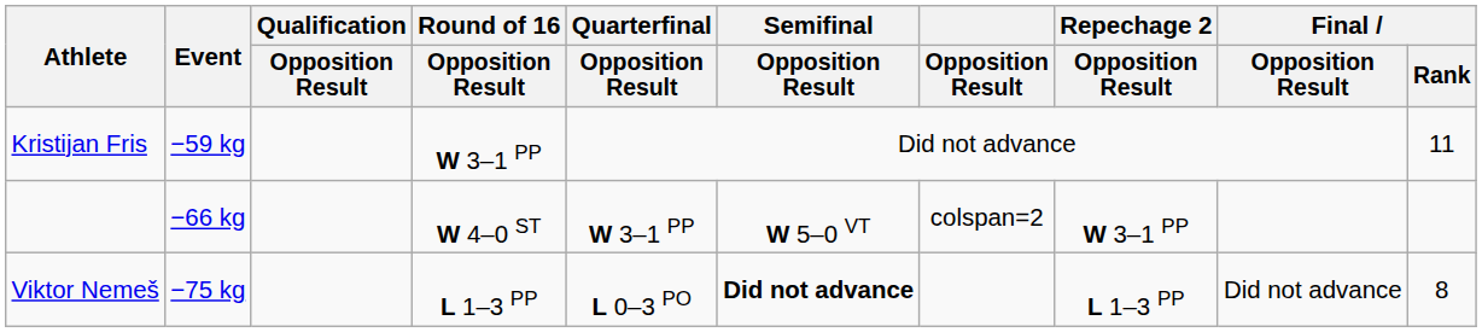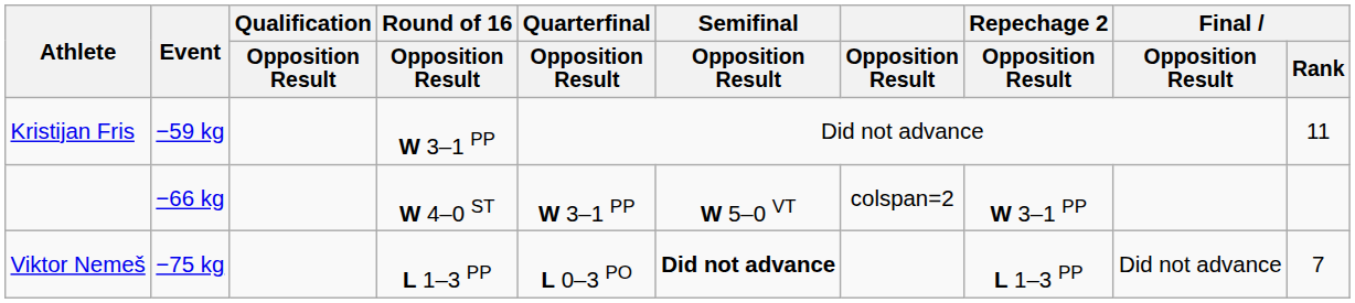 <table class="wikitable" style="font-size:90%">
 <tr>
 <th rowspan=2>Athlete</th>
 <th rowspan=2>Event</th>
 <th>Qualification</th>
 <th>Round of 16</th>
 <th>Quarterfinal</th>
 <th>Semifinal</th>
 <th></th>
 <th>Repechage 2</th>
 <th colspan=2>Final / </th>
 </tr>
 <tr style="font-size: 95%">
 <th>Opposition<br>Result</th>
 <th>Opposition<br>Result</th>
 <th>Opposition<br>Result</th>
 <th>Opposition<br>Result</th>
 <th>Opposition<br>Result</th>
 <th>Opposition<br>Result</th>
 <th>Opposition<br>Result</th>
 <th>Rank</th>
 </tr>
 <tr align=center>
 <td align=left><a href='#'>Kristijan Fris</a></td>
 <td align=left><a href='#'>−59 kg</a></td>
 <td></td>
 <td><br><strong>W</strong> 3–1 <sup>PP</sup></td>
 <td colspan=5>Did not advance</td>
 <td>11</td>
 </tr>
 <tr align=center>
 <td align=left><strong></strong></td>
 <td align=left><a href='#'>−66 kg</a></td>
 <td></td>
 <td><br><strong>W</strong> 4–0 <sup>ST</sup></td>
 <td><br><strong>W</strong> 3–1 <sup>PP</sup></td>
 <td><br><strong>W</strong> 5–0 <sup>VT</sup></td>
 <td>colspan=2 </td>
 <td><br><strong>W</strong> 3–1 <sup>PP</sup></td>
 <td></td>
 </tr>
 <tr align=center>
 <td align=left><a href='#'>Viktor Nemeš</a></td>
 <td align=left><a href='#'>−75 kg</a></td>
 <td></td>
 <td><br><strong>L</strong> 1–3 <sup>PP</sup></td>
 <td><br><strong>L</strong> 0–3 <sup>PO</sup></td>
 <td><strong>Did not advance</strong></td>
 <td></td>
 <td><br><strong>L</strong> 1–3 <sup>PP</sup></td>
 <td>Did not advance</td>
-<td>8</td>
+<td>7</td>
 </tr>
 </table>
